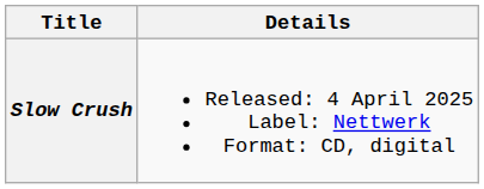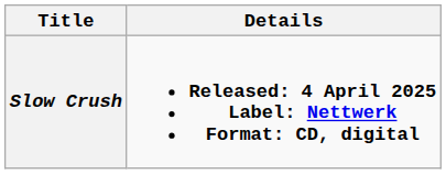 <table class="wikitable plainrowheaders" style="text-align:center;" border="1">
 <tr>
 <th>Title</th>
 <th>Details</th>
 </tr>
 <tr>
 <th scope="row"><em>Slow Crush</em></th>
-<td><br><ul><li>Released: 4 April 2025</li><li>Label: <a href='#'>Nettwerk</a></li><li>Format: CD, digital</li></ul></td>
+<td><strong><br><ul><li>Released: 4 April 2025</li><li>Label: <a href='#'>Nettwerk</a></li><li>Format: CD, digital</li></ul></strong></td>
 </tr>
 </table>
